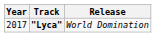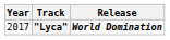 <table class="wikitable plainrowheaders" style="text-align:center;">
 <tr>
 <th scope="col">Year</th>
 <th scope="col">Track</th>
 <th scope="col">Release</th>
 </tr>
 <tr>
 <td rowspan="2">2017</td>
 <th scope="row">"Lyca"</th>
-<td><em>World Domination</em></td>
+<td><strong><em>World Domination</em></strong></td>
 </tr>
 </table>
